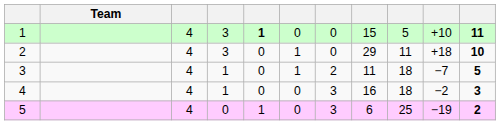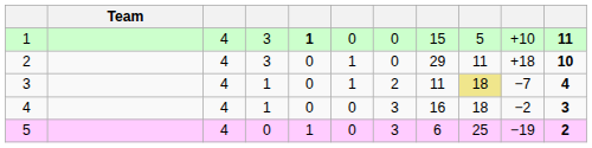 <table class="wikitable" style="text-align:center;">
 <tr>
 <th width=40></th>
 <th width=165>Team</th>
 <th width=40></th>
 <th width=40></th>
 <th width=40></th>
 <th width=40></th>
 <th width=40></th>
 <th width=40></th>
 <th width=40></th>
 <th width=40></th>
 <th width=40></th>
 </tr>
 <tr style="background:#cfc;">
 <td>1</td>
 <td align=left></td>
 <td>4</td>
 <td>3</td>
 <td><strong>1</strong></td>
 <td>0</td>
 <td>0</td>
 <td>15</td>
 <td>5</td>
 <td>+10</td>
 <td><strong>11</strong></td>
 </tr>
 <tr>
 <td>2</td>
 <td align=left></td>
 <td>4</td>
 <td>3</td>
 <td>0</td>
 <td>1</td>
 <td>0</td>
 <td>29</td>
 <td>11</td>
 <td>+18</td>
 <td><strong>10</strong></td>
 </tr>
 <tr>
 <td>3</td>
 <td align=left></td>
 <td>4</td>
 <td>1</td>
 <td>0</td>
 <td>1</td>
 <td>2</td>
 <td>11</td>
-<td>18</td>
+<td style="background: khaki;">18</td>
 <td>−7</td>
-<td><strong>5</strong></td>
+<td><strong>4</strong></td>
 </tr>
 <tr>
 <td>4</td>
 <td align=left></td>
 <td>4</td>
 <td>1</td>
 <td>0</td>
 <td>0</td>
 <td>3</td>
 <td>16</td>
 <td>18</td>
 <td>−2</td>
 <td><strong>3</strong></td>
 </tr>
 <tr style="background:#fcf;">
 <td>5</td>
 <td align=left></td>
 <td>4</td>
 <td>0</td>
 <td>1</td>
 <td>0</td>
 <td>3</td>
 <td>6</td>
 <td>25</td>
 <td>−19</td>
 <td><strong>2</strong></td>
 </tr>
 </table>
